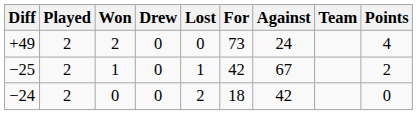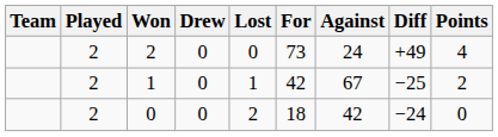 <table class="wikitable" style="text-align:center">
 <tr>
-<th>Diff</th>
+<th>Team</th>
 <th>Played</th>
 <th>Won</th>
 <th>Drew</th>
 <th>Lost</th>
 <th>For</th>
 <th>Against</th>
-<th>Team</th>
+<th>Diff</th>
 <th>Points</th>
 </tr>
 <tr>
-<td>+49</td>
+<td align=left></td>
 <td>2</td>
 <td>2</td>
 <td>0</td>
 <td>0</td>
 <td>73</td>
 <td>24</td>
-<td align=left></td>
+<td>+49</td>
 <td>4</td>
 </tr>
 <tr>
-<td>−25</td>
+<td align=left></td>
 <td>2</td>
 <td>1</td>
 <td>0</td>
 <td>1</td>
 <td>42</td>
 <td>67</td>
-<td align=left></td>
+<td>−25</td>
 <td>2</td>
 </tr>
 <tr>
-<td>−24</td>
+<td align=left></td>
 <td>2</td>
 <td>0</td>
 <td>0</td>
 <td>2</td>
 <td>18</td>
 <td>42</td>
-<td align=left></td>
+<td>−24</td>
 <td>0</td>
 </tr>
 </table>
